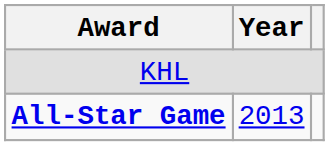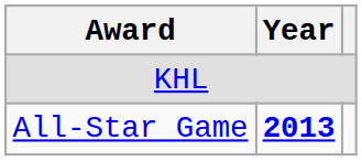 <table class="wikitable">
 <tr>
 <th>Award</th>
 <th>Year</th>
 <th></th>
 </tr>
 <tr ALIGN="center" bgcolor="#e0e0e0">
 <td colspan="3"><a href='#'>KHL</a></td>
 </tr>
 <tr>
-<td><strong><a href='#'>All-Star Game</a></strong></td>
-<td><a href='#'>2013</a></td>
+<td><a href='#'>All-Star Game</a></td>
+<td><strong><a href='#'>2013</a></strong></td>
 <td></td>
 </tr>
 </table>
